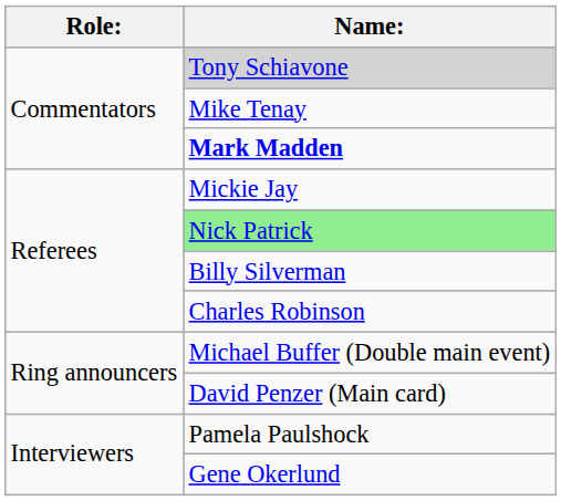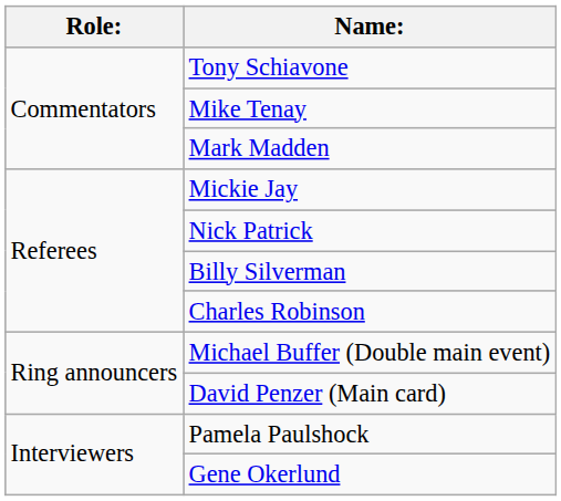 <table class=wikitable style="font-size:90%; margin: 0.5em 0 0.5em 1em; float: right; clear: right;">
 <tr>
 <th>Role:</th>
 <th>Name:</th>
 </tr>
 <tr>
 <td rowspan=3>Commentators</td>
-<td style="background: lightgrey;"><a href='#'>Tony Schiavone</a></td>
+<td><a href='#'>Tony Schiavone</a></td>
 </tr>
 <tr>
 <td><a href='#'>Mike Tenay</a></td>
 </tr>
 <tr>
-<td><strong><a href='#'>Mark Madden</a></strong></td>
+<td><a href='#'>Mark Madden</a></td>
 </tr>
 <tr>
 <td rowspan=4>Referees</td>
 <td><a href='#'>Mickie Jay</a></td>
 </tr>
 <tr>
-<td style="background: lightgreen;"><a href='#'>Nick Patrick</a></td>
+<td><a href='#'>Nick Patrick</a></td>
 </tr>
 <tr>
 <td><a href='#'>Billy Silverman</a></td>
 </tr>
 <tr>
 <td><a href='#'>Charles Robinson</a></td>
 </tr>
 <tr>
 <td rowspan=2>Ring announcers</td>
 <td><a href='#'>Michael Buffer</a> (Double main event)</td>
 </tr>
 <tr>
 <td><a href='#'>David Penzer</a> (Main card)</td>
 </tr>
 <tr>
 <td rowspan="2">Interviewers</td>
 <td>Pamela Paulshock</td>
 </tr>
 <tr>
 <td><a href='#'>Gene Okerlund</a></td>
 </tr>
 </table>
